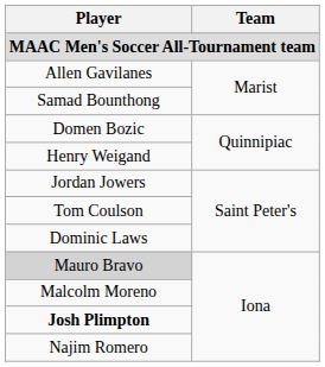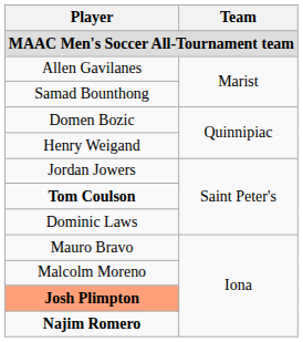 <table class="wikitable" style="white-space:nowrap; font-size:90%; text-align: center;">
 <tr>
 <th>Player</th>
 <th>Team</th>
 </tr>
 <tr>
 <td colspan="2" style="text-align:center; background:#ddd;"><strong>MAAC Men's Soccer All-Tournament team</strong></td>
 </tr>
 <tr>
 <td>Allen Gavilanes</td>
 <td rowspan="2">Marist</td>
 </tr>
 <tr>
 <td>Samad Bounthong</td>
 </tr>
 <tr>
 <td>Domen Bozic</td>
 <td rowspan="2">Quinnipiac</td>
 </tr>
 <tr>
 <td>Henry Weigand</td>
 </tr>
 <tr>
 <td>Jordan Jowers</td>
 <td rowspan="3">Saint Peter's</td>
 </tr>
 <tr>
-<td>Tom Coulson</td>
+<td><strong>Tom Coulson</strong></td>
 </tr>
 <tr>
 <td>Dominic Laws</td>
 </tr>
 <tr>
-<td style="background: lightgrey;">Mauro Bravo</td>
+<td>Mauro Bravo</td>
 <td rowspan="4">Iona</td>
 </tr>
 <tr>
 <td>Malcolm Moreno</td>
 </tr>
 <tr>
-<td><strong>Josh Plimpton</strong></td>
+<td style="background: lightsalmon;"><strong>Josh Plimpton</strong></td>
 </tr>
 <tr>
-<td>Najim Romero</td>
+<td><strong>Najim Romero</strong></td>
 </tr>
 </table>
